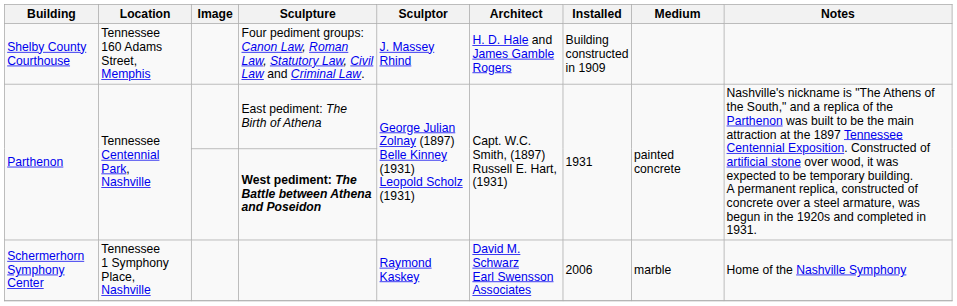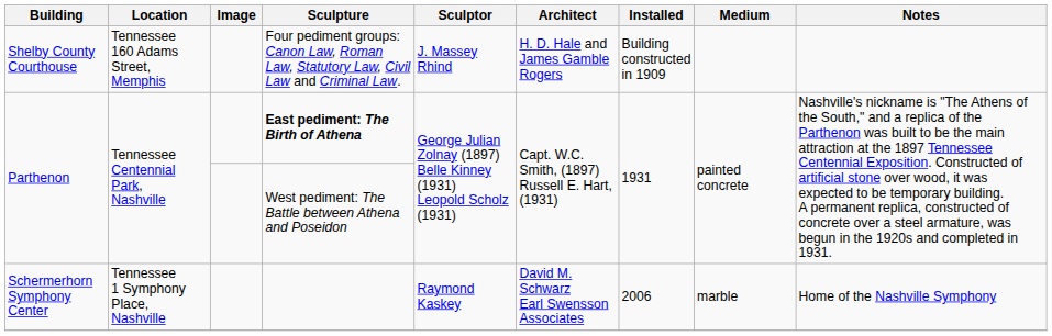 <table class="wikitable sortable">
 <tr>
 <th width="10%">Building</th>
 <th width="10%">Location</th>
 <th width="5%">Image</th>
 <th width="15%">Sculpture</th>
 <th width="10%">Sculptor</th>
 <th width="10%">Architect</th>
 <th width="5%">Installed</th>
 <th width="10%">Medium</th>
 <th width="25%">Notes</th>
 </tr>
 <tr>
 <td><a href='#'>Shelby County Courthouse</a></td>
 <td>Tennessee<br>160 Adams Street,<br><a href='#'>Memphis</a></td>
 <td></td>
 <td>Four pediment groups: <em><a href='#'>Canon Law</a>, <a href='#'>Roman Law</a>, <a href='#'>Statutory Law</a>, <a href='#'>Civil Law</a></em> and <em><a href='#'>Criminal Law</a></em>.</td>
 <td><a href='#'>J. Massey Rhind</a></td>
 <td><a href='#'>H. D. Hale</a> and <a href='#'>James Gamble Rogers</a></td>
 <td>Building constructed in 1909</td>
 <td></td>
 <td></td>
 </tr>
 <tr>
 <td rowspan="2"><a href='#'>Parthenon</a></td>
 <td rowspan="2">Tennessee<br><a href='#'>Centennial Park</a>,<br><a href='#'>Nashville</a></td>
 <td></td>
-<td>East pediment: <em>The Birth of Athena</em></td>
+<td><strong>East pediment: <em>The Birth of Athena</em></strong></td>
 <td rowspan="2"><a href='#'>George Julian Zolnay</a> (1897)<br><a href='#'>Belle Kinney</a> (1931)<br><a href='#'>Leopold Scholz</a> (1931)</td>
 <td rowspan="2">Capt. W.C. Smith, (1897)<br>Russell E. Hart, (1931)</td>
 <td rowspan="2">1931</td>
 <td rowspan="2">painted concrete</td>
 <td rowspan="2">Nashville's nickname is "The Athens of the South," and a replica of the <a href='#'>Parthenon</a> was built to be the main attraction at the 1897 <a href='#'>Tennessee Centennial Exposition</a>. Constructed of <a href='#'>artificial stone</a> over wood, it was expected to be temporary building.<br>A permanent replica, constructed of concrete over a steel armature, was begun in the 1920s and completed in 1931.</td>
 </tr>
 <tr>
 <td></td>
-<td><strong>West pediment: <em>The Battle between Athena and Poseidon</em></strong></td>
+<td>West pediment: <em>The Battle between Athena and Poseidon</em></td>
 </tr>
 <tr>
 <td><a href='#'>Schermerhorn Symphony Center</a></td>
 <td>Tennessee<br>1 Symphony Place,<br><a href='#'>Nashville</a></td>
 <td></td>
 <td></td>
 <td><a href='#'>Raymond Kaskey</a></td>
 <td><a href='#'>David M. Schwarz</a><br><a href='#'>Earl Swensson Associates</a></td>
 <td>2006</td>
 <td>marble</td>
 <td>Home of the <a href='#'>Nashville Symphony</a></td>
 </tr>
 <tr>
 </tr>
 </table>
